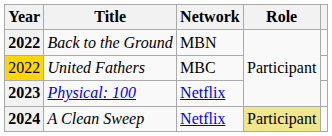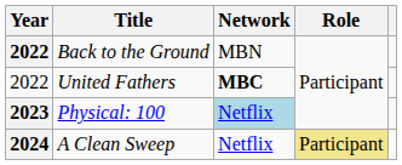 <table class="wikitable sortable plainrowheaders">
 <tr>
 <th scope="col">Year</th>
 <th scope="col">Title</th>
 <th scope="col">Network</th>
 <th scope="col">Role</th>
 <th scope="col" class="unsortable"></th>
 </tr>
 <tr>
 <th scope="row">2022</th>
 <td><em>Back to the Ground</em></td>
 <td>MBN</td>
 <td rowspan="3">Participant</td>
 <td></td>
 </tr>
 <tr>
-<td style="background: gold;">2022</td>
+<td>2022</td>
 <td><em>United Fathers</em></td>
-<td>MBC</td>
+<td><strong>MBC</strong></td>
 <td></td>
 </tr>
 <tr>
 <th scope="row">2023</th>
 <td><em><a href='#'>Physical: 100</a></em></td>
-<td><a href='#'>Netflix</a></td>
+<td style="background: lightblue;"><a href='#'>Netflix</a></td>
 <td></td>
 </tr>
 <tr>
 <th scope="row">2024</th>
 <td><em>A Clean Sweep</em></td>
 <td><a href='#'>Netflix</a></td>
 <td style="background: khaki;">Participant</td>
 </tr>
 <tr>
 </tr>
 </table>
